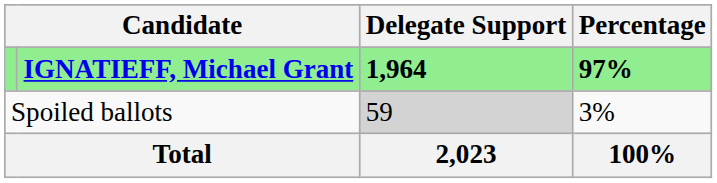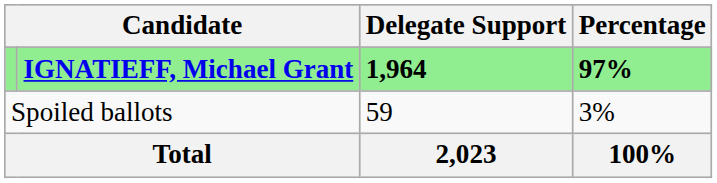 <table class="wikitable">
 <tr>
 <th colspan="2">Candidate</th>
 <th>Delegate Support</th>
 <th>Percentage</th>
 </tr>
 <tr style="background:lightgreen;">
 <td></td>
 <td><strong><a href='#'>IGNATIEFF, Michael Grant</a></strong></td>
 <td><strong>1,964</strong></td>
 <td><strong>97%</strong></td>
 </tr>
 <tr>
 <td colspan="2">Spoiled ballots</td>
-<td style="background: lightgrey;">59</td>
+<td>59</td>
 <td>3%</td>
 </tr>
 <tr>
 <th colspan="2">Total</th>
 <th>2,023</th>
 <th>100%</th>
 </tr>
 </table>
